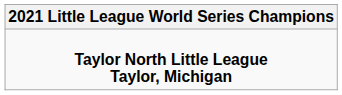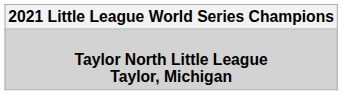 <table class="wikitable" style="text-align: center; margin: 0 auto">
 <tr>
 <th>2021 Little League World Series Champions</th>
 </tr>
 <tr>
-<td><br><strong>Taylor North Little League</strong><br><strong> Taylor, Michigan</strong></td>
+<td style="background: lightgrey;"><br><strong>Taylor North Little League</strong><br><strong> Taylor, Michigan</strong></td>
 </tr>
 </table>
